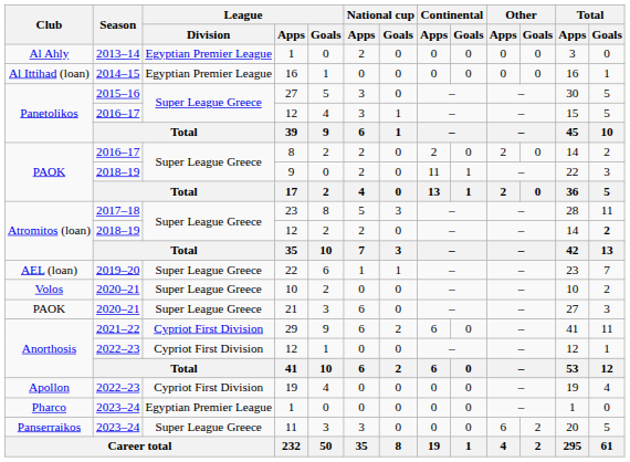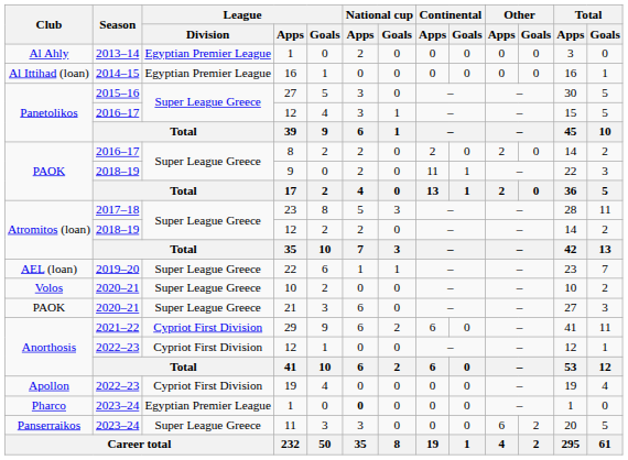 <table class="wikitable" style="text-align:center">
 <tr>
 <th rowspan=2>Club</th>
 <th rowspan=2>Season</th>
 <th colspan=3>League</th>
 <th colspan=2>National cup</th>
 <th colspan=2>Continental</th>
 <th colspan=2>Other</th>
 <th colspan=2>Total</th>
 </tr>
 <tr>
 <th>Division</th>
 <th>Apps</th>
 <th>Goals</th>
 <th>Apps</th>
 <th>Goals</th>
 <th>Apps</th>
 <th>Goals</th>
 <th>Apps</th>
 <th>Goals</th>
 <th>Apps</th>
 <th>Goals</th>
 </tr>
 <tr>
 <td><a href='#'>Al Ahly</a></td>
 <td><a href='#'>2013–14</a></td>
 <td><a href='#'>Egyptian Premier League</a></td>
 <td>1</td>
 <td>0</td>
 <td>2</td>
 <td>0</td>
 <td>0</td>
 <td>0</td>
 <td>0</td>
 <td>0</td>
 <td>3</td>
 <td>0</td>
 </tr>
 <tr>
 <td><a href='#'>Al Ittihad</a> (loan)</td>
 <td><a href='#'>2014–15</a></td>
 <td>Egyptian Premier League</td>
 <td>16</td>
 <td>1</td>
 <td>0</td>
 <td>0</td>
 <td>0</td>
 <td>0</td>
 <td>0</td>
 <td>0</td>
 <td>16</td>
 <td>1</td>
 </tr>
 <tr>
 <td rowspan=3><a href='#'>Panetolikos</a></td>
 <td><a href='#'>2015–16</a></td>
 <td rowspan="2"><a href='#'>Super League Greece</a></td>
 <td>27</td>
 <td>5</td>
 <td>3</td>
 <td>0</td>
 <td colspan="2">–</td>
 <td colspan="2">–</td>
 <td>30</td>
 <td>5</td>
 </tr>
 <tr>
 <td><a href='#'>2016–17</a></td>
 <td>12</td>
 <td>4</td>
 <td>3</td>
 <td>1</td>
 <td colspan="2">–</td>
 <td colspan="2">–</td>
 <td>15</td>
 <td>5</td>
 </tr>
 <tr>
 <th colspan="2">Total</th>
 <th>39</th>
 <th>9</th>
 <th>6</th>
 <th>1</th>
 <th colspan="2">–</th>
 <th colspan="2">–</th>
 <th>45</th>
 <th>10</th>
 </tr>
 <tr>
 <td rowspan=3><a href='#'>PAOK</a></td>
 <td><a href='#'>2016–17</a></td>
 <td rowspan="2">Super League Greece</td>
 <td>8</td>
 <td>2</td>
 <td>2</td>
 <td>0</td>
 <td>2</td>
 <td>0</td>
 <td>2</td>
 <td>0</td>
 <td>14</td>
 <td>2</td>
 </tr>
 <tr>
 <td><a href='#'>2018–19</a></td>
 <td>9</td>
 <td>0</td>
 <td>2</td>
 <td>0</td>
 <td>11</td>
 <td>1</td>
 <td colspan="2">–</td>
 <td>22</td>
 <td>3</td>
 </tr>
 <tr>
 <th colspan="2">Total</th>
 <th>17</th>
 <th>2</th>
 <th>4</th>
 <th>0</th>
 <th>13</th>
 <th>1</th>
 <th>2</th>
 <th>0</th>
 <th>36</th>
 <th>5</th>
 </tr>
 <tr>
 <td rowspan=3><a href='#'>Atromitos</a> (loan)</td>
 <td><a href='#'>2017–18</a></td>
 <td rowspan="2">Super League Greece</td>
 <td>23</td>
 <td>8</td>
 <td>5</td>
 <td>3</td>
 <td colspan="2">–</td>
 <td colspan="2">–</td>
 <td>28</td>
 <td>11</td>
 </tr>
 <tr>
 <td><a href='#'>2018–19</a></td>
 <td>12</td>
 <td>2</td>
 <td>2</td>
 <td>0</td>
 <td colspan="2">–</td>
 <td colspan="2">–</td>
 <td>14</td>
-<td><strong>2</strong></td>
+<td>2</td>
 </tr>
 <tr>
 <th colspan="2">Total</th>
 <th>35</th>
 <th>10</th>
 <th>7</th>
 <th>3</th>
 <th colspan="2">–</th>
 <th colspan="2">–</th>
 <th>42</th>
 <th>13</th>
 </tr>
 <tr>
 <td><a href='#'>AEL</a> (loan)</td>
 <td><a href='#'>2019–20</a></td>
 <td>Super League Greece</td>
 <td>22</td>
 <td>6</td>
 <td>1</td>
 <td>1</td>
 <td colspan="2">–</td>
 <td colspan="2">–</td>
 <td>23</td>
 <td>7</td>
 </tr>
 <tr>
 <td><a href='#'>Volos</a></td>
 <td><a href='#'>2020–21</a></td>
 <td>Super League Greece</td>
 <td>10</td>
 <td>2</td>
 <td>0</td>
 <td>0</td>
 <td colspan="2">–</td>
 <td colspan="2">–</td>
 <td>10</td>
 <td>2</td>
 </tr>
 <tr>
 <td>PAOK</td>
 <td><a href='#'>2020–21</a></td>
 <td>Super League Greece</td>
 <td>21</td>
 <td>3</td>
 <td>6</td>
 <td>0</td>
 <td colspan="2">–</td>
 <td colspan="2">–</td>
 <td>27</td>
 <td>3</td>
 </tr>
 <tr>
 <td rowspan="3"><a href='#'>Anorthosis</a></td>
 <td><a href='#'>2021–22</a></td>
 <td><a href='#'>Cypriot First Division</a></td>
 <td>29</td>
 <td>9</td>
 <td>6</td>
 <td>2</td>
 <td>6</td>
 <td>0</td>
 <td colspan="2">–</td>
 <td>41</td>
 <td>11</td>
 </tr>
 <tr>
 <td><a href='#'>2022–23</a></td>
 <td>Cypriot First Division</td>
 <td>12</td>
 <td>1</td>
 <td>0</td>
 <td>0</td>
 <td colspan="2">–</td>
 <td colspan="2">–</td>
 <td>12</td>
 <td>1</td>
 </tr>
 <tr>
 <th colspan="2">Total</th>
 <th>41</th>
 <th>10</th>
 <th>6</th>
 <th>2</th>
 <th>6</th>
 <th>0</th>
 <th colspan="2">–</th>
 <th>53</th>
 <th>12</th>
 </tr>
 <tr>
 <td><a href='#'>Apollon</a></td>
 <td><a href='#'>2022–23</a></td>
 <td>Cypriot First Division</td>
 <td>19</td>
 <td>4</td>
 <td>0</td>
 <td>0</td>
 <td>0</td>
 <td>0</td>
 <td colspan="2">–</td>
 <td>19</td>
 <td>4</td>
 </tr>
 <tr>
 <td><a href='#'>Pharco</a></td>
 <td><a href='#'>2023–24</a></td>
 <td>Egyptian Premier League</td>
 <td>1</td>
 <td>0</td>
-<td>0</td>
+<td><strong>0</strong></td>
 <td>0</td>
 <td>0</td>
 <td>0</td>
 <td colspan="2">–</td>
 <td>1</td>
 <td>0</td>
 </tr>
 <tr>
 <td><a href='#'>Panserraikos</a></td>
 <td><a href='#'>2023–24</a></td>
 <td>Super League Greece</td>
 <td>11</td>
 <td>3</td>
 <td>3</td>
 <td>0</td>
 <td>0</td>
 <td>0</td>
 <td>6</td>
 <td>2</td>
 <td>20</td>
 <td>5</td>
 </tr>
 <tr>
 <th colspan="3">Career total</th>
 <th>232</th>
 <th>50</th>
 <th>35</th>
 <th>8</th>
 <th>19</th>
 <th>1</th>
 <th>4</th>
 <th>2</th>
 <th>295</th>
 <th>61</th>
 </tr>
 </table>
